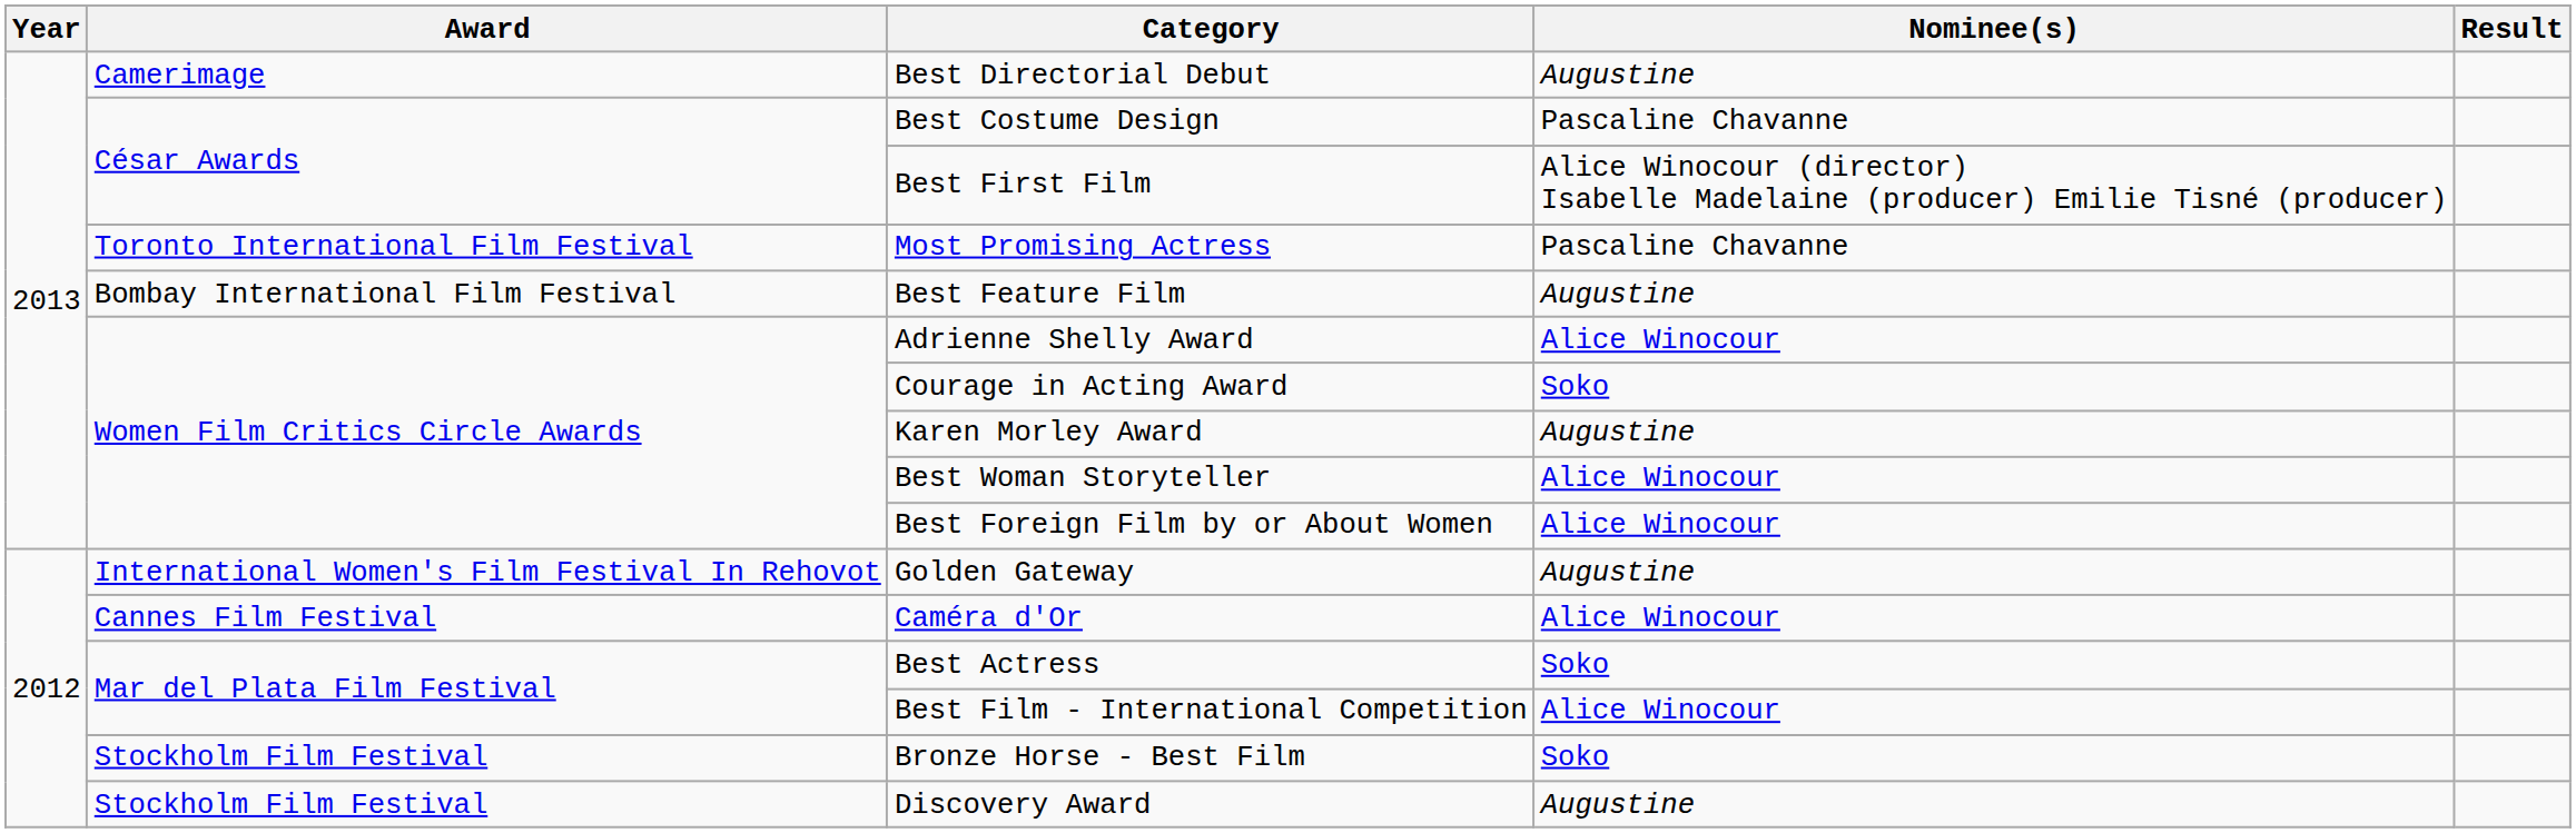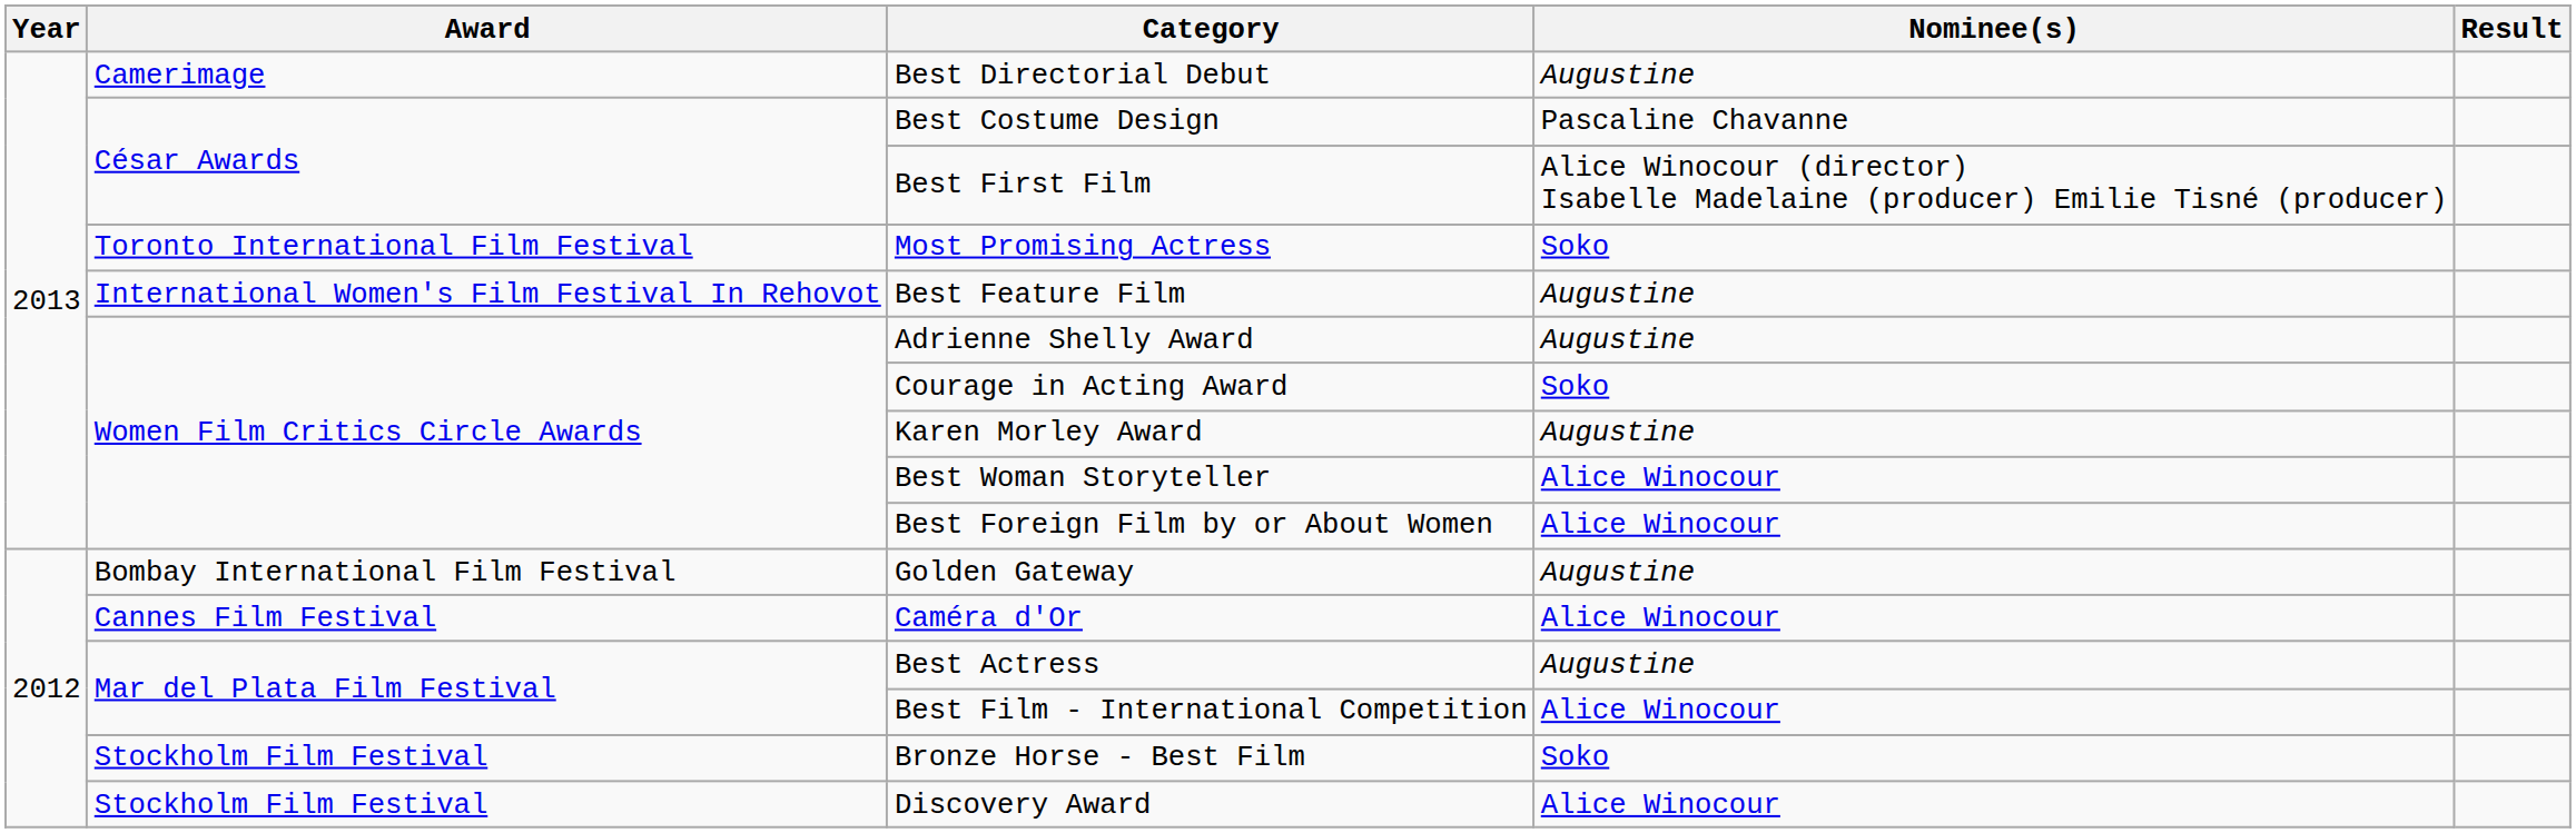 <table class="wikitable">
 <tr>
 <th>Year</th>
 <th>Award</th>
 <th>Category</th>
 <th>Nominee(s)</th>
 <th>Result</th>
 </tr>
 <tr>
 <td rowspan="10">2013</td>
 <td><a href='#'>Camerimage</a></td>
 <td>Best Directorial Debut</td>
 <td><em>Augustine</em></td>
 <td></td>
 </tr>
 <tr>
 <td rowspan="2"><a href='#'>César Awards</a></td>
 <td>Best Costume Design</td>
 <td>Pascaline Chavanne</td>
 <td></td>
 </tr>
 <tr>
 <td>Best First Film</td>
 <td>Alice Winocour (director)<br>Isabelle Madelaine (producer)  Emilie Tisné (producer)</td>
 <td></td>
 </tr>
 <tr>
 <td><a href='#'>Toronto International Film Festival</a></td>
 <td><a href='#'>Most Promising Actress</a></td>
-<td>Pascaline Chavanne</td>
+<td><a href='#'>Soko</a></td>
 <td></td>
 </tr>
 <tr>
-<td>Bombay International Film Festival</td>
+<td><a href='#'>International Women's Film Festival In Rehovot</a></td>
 <td>Best Feature Film</td>
 <td><em>Augustine</em></td>
 <td></td>
 </tr>
 <tr>
 <td rowspan="5"><a href='#'>Women Film Critics Circle Awards</a></td>
 <td>Adrienne Shelly Award</td>
-<td><a href='#'>Alice Winocour</a></td>
+<td><em>Augustine</em></td>
 <td></td>
 </tr>
 <tr>
 <td>Courage in Acting Award</td>
 <td><a href='#'>Soko</a></td>
 <td></td>
 </tr>
 <tr>
 <td>Karen Morley Award</td>
 <td><em>Augustine</em></td>
 <td></td>
 </tr>
 <tr>
 <td>Best Woman Storyteller</td>
 <td><a href='#'>Alice Winocour</a></td>
 <td></td>
 </tr>
 <tr>
 <td>Best Foreign Film by or About Women</td>
 <td><a href='#'>Alice Winocour</a></td>
 <td></td>
 </tr>
 <tr>
 <td rowspan="6">2012</td>
-<td><a href='#'>International Women's Film Festival In Rehovot</a></td>
+<td>Bombay International Film Festival</td>
 <td rowspan="1">Golden Gateway</td>
 <td><em>Augustine</em></td>
 <td></td>
 </tr>
 <tr>
 <td><a href='#'>Cannes Film Festival</a></td>
 <td><a href='#'>Caméra d'Or</a></td>
 <td><a href='#'>Alice Winocour</a></td>
 <td></td>
 </tr>
 <tr>
 <td rowspan="2"><a href='#'>Mar del Plata Film Festival</a></td>
 <td>Best Actress</td>
-<td><a href='#'>Soko</a></td>
+<td><em>Augustine</em></td>
 <td></td>
 </tr>
 <tr>
 <td>Best Film - International Competition</td>
 <td><a href='#'>Alice Winocour</a></td>
 <td></td>
 </tr>
 <tr>
 <td><a href='#'>Stockholm Film Festival</a></td>
 <td>Bronze Horse - Best Film</td>
 <td><a href='#'>Soko</a></td>
 <td></td>
 </tr>
 <tr>
 <td><a href='#'>Stockholm Film Festival</a></td>
 <td>Discovery Award</td>
-<td><em>Augustine</em></td>
+<td><a href='#'>Alice Winocour</a></td>
 <td></td>
 </tr>
 </table>
